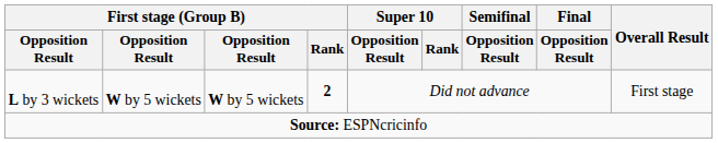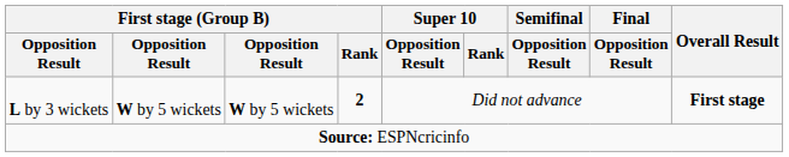 <table class=wikitable style=font-size:90%;text-align:center>
 <tr>
 <th colspan=4>First stage (Group B)</th>
 <th colspan=2>Super 10</th>
 <th>Semifinal</th>
 <th>Final</th>
 <th rowspan=2>Overall Result</th>
 </tr>
 <tr style=font-size:95%>
 <th>Opposition<br>Result</th>
 <th>Opposition<br>Result</th>
 <th>Opposition<br>Result</th>
 <th>Rank</th>
 <th>Opposition<br>Result</th>
 <th>Rank</th>
 <th>Opposition<br>Result</th>
 <th>Opposition<br>Result</th>
 </tr>
 <tr>
 <td><br><strong>L</strong> by 3 wickets</td>
 <td><br><strong>W</strong> by 5 wickets</td>
 <td><br><strong>W</strong> by 5 wickets</td>
 <td><strong>2</strong></td>
 <td colspan=4><em>Did not advance</em></td>
-<td>First stage</td>
+<td><strong>First stage</strong></td>
 </tr>
 <tr>
 <td colspan="11"><strong>Source:</strong> ESPNcricinfo</td>
 </tr>
 </table>
